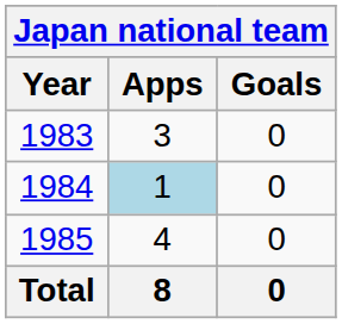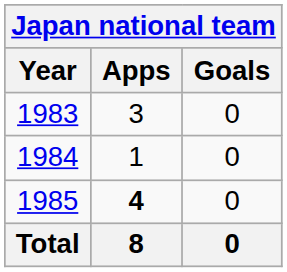 <table class="wikitable" style="text-align:center">
 <tr>
 <th colspan=3><a href='#'>Japan national team</a></th>
 </tr>
 <tr>
 <th>Year</th>
 <th>Apps</th>
 <th>Goals</th>
 </tr>
 <tr>
 <td><a href='#'>1983</a></td>
 <td>3</td>
 <td>0</td>
 </tr>
 <tr>
 <td><a href='#'>1984</a></td>
-<td style="background: lightblue;">1</td>
+<td>1</td>
 <td>0</td>
 </tr>
 <tr>
 <td><a href='#'>1985</a></td>
-<td>4</td>
+<td><strong>4</strong></td>
 <td>0</td>
 </tr>
 <tr>
 <th>Total</th>
 <th>8</th>
 <th>0</th>
 </tr>
 </table>
